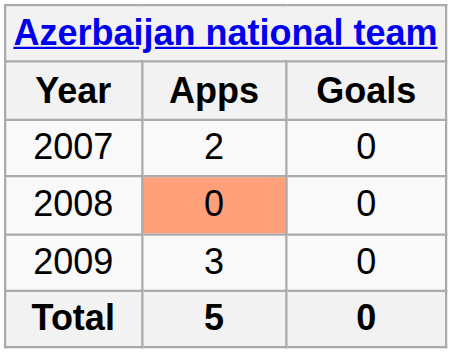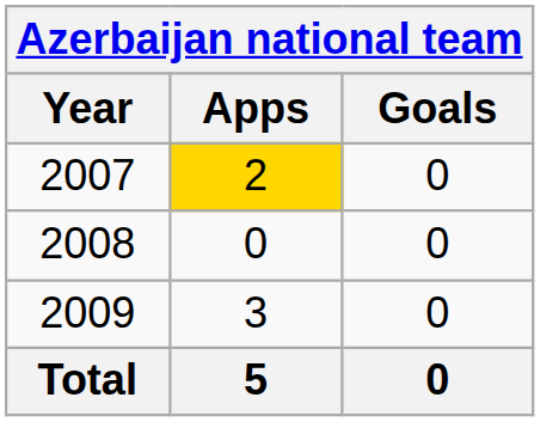 <table class="wikitable" style="text-align:center">
 <tr>
 <th colspan=3><a href='#'>Azerbaijan national team</a></th>
 </tr>
 <tr>
 <th>Year</th>
 <th>Apps</th>
 <th>Goals</th>
 </tr>
 <tr>
 <td>2007</td>
-<td>2</td>
+<td style="background: gold;">2</td>
 <td>0</td>
 </tr>
 <tr>
 <td>2008</td>
-<td style="background: lightsalmon;">0</td>
+<td>0</td>
 <td>0</td>
 </tr>
 <tr>
 <td>2009</td>
 <td>3</td>
 <td>0</td>
 </tr>
 <tr>
 <th>Total</th>
 <th>5</th>
 <th>0</th>
 </tr>
 </table>
